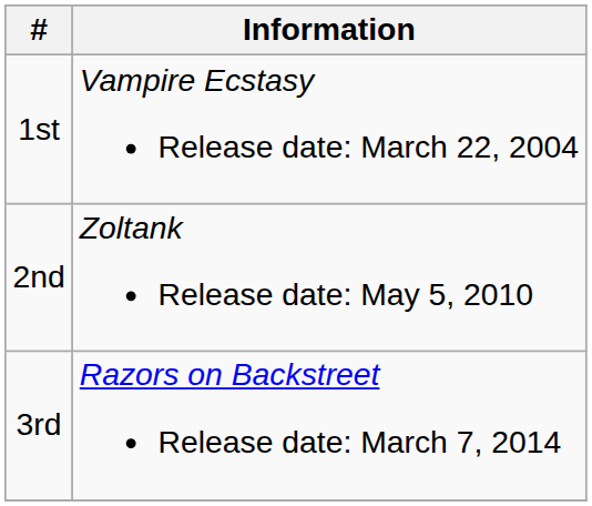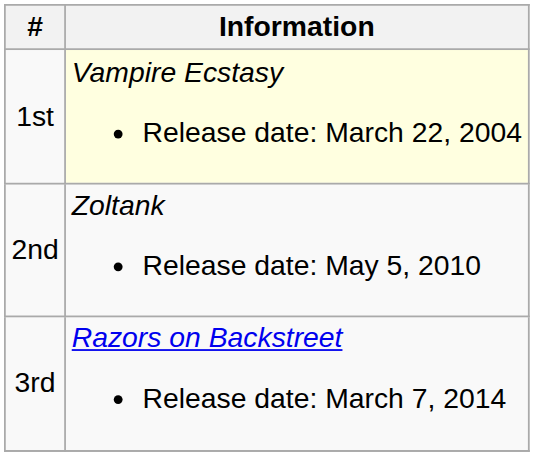 <table class="wikitable">
 <tr>
 <th>#</th>
 <th>Information</th>
 </tr>
 <tr>
 <td align="center">1st</td>
-<td align="left"><em>Vampire Ecstasy</em><br><ul><li>Release date: March 22, 2004</li></ul></td>
+<td align="left" style="background: lightyellow;"><em>Vampire Ecstasy</em><br><ul><li>Release date: March 22, 2004</li></ul></td>
 </tr>
 <tr>
 <td align="center">2nd</td>
 <td align="left"><em>Zoltank</em><br><ul><li>Release date: 	May 5, 2010</li></ul></td>
 </tr>
 <tr>
 <td align="center">3rd</td>
 <td align="left"><em><a href='#'>Razors on Backstreet</a></em><br><ul><li>Release date: 	March 7, 2014</li></ul></td>
 </tr>
 <tr>
 </tr>
 </table>
